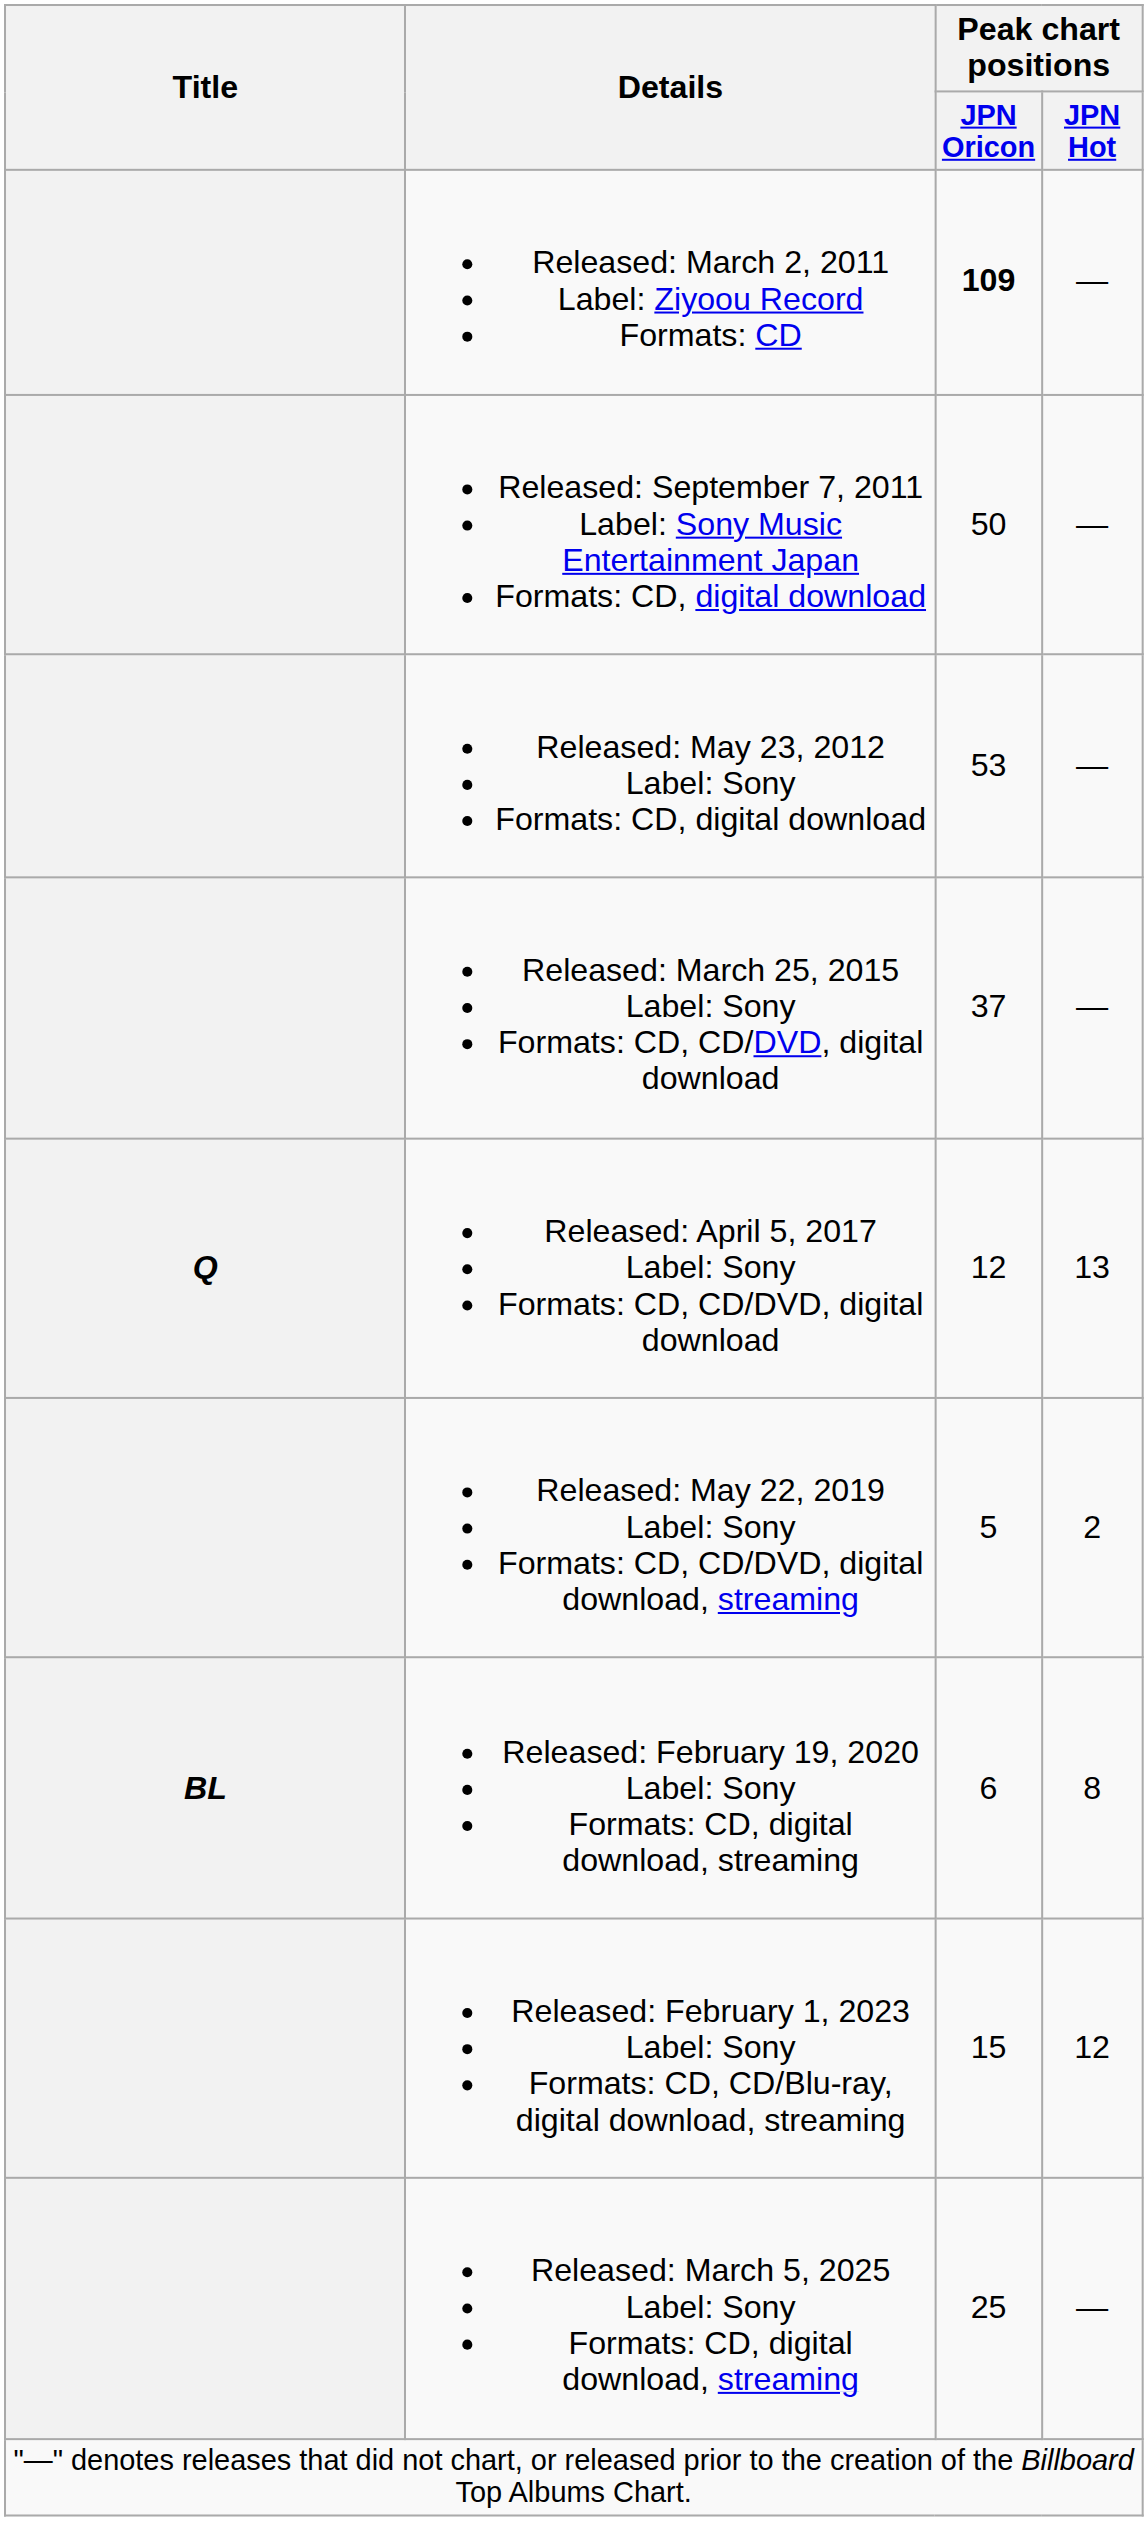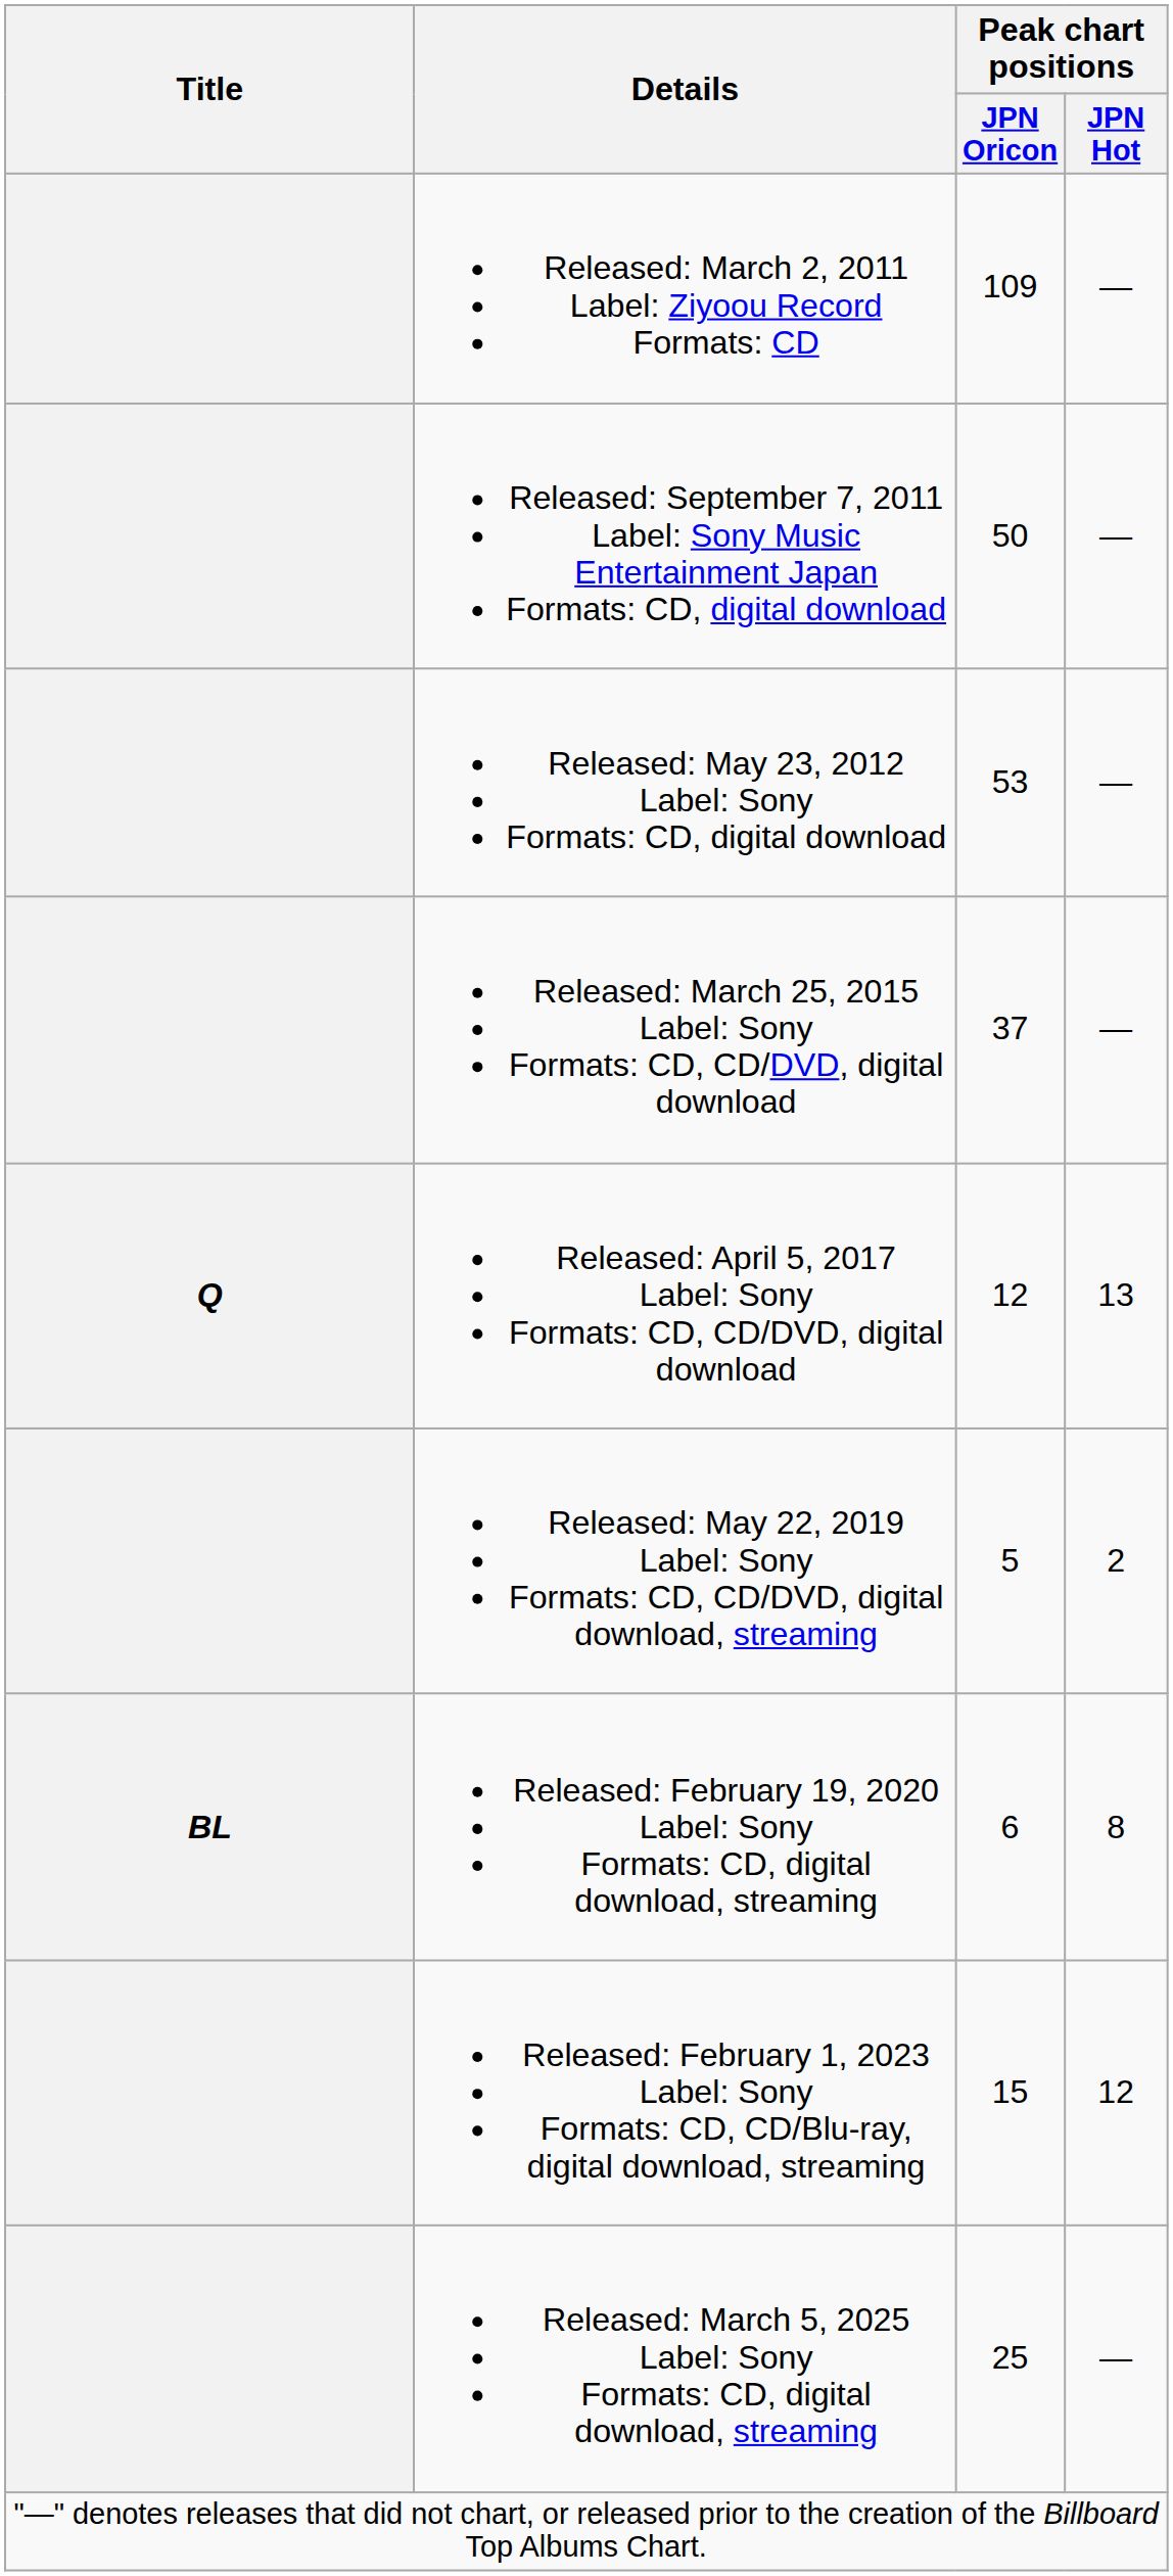 <table class="wikitable plainrowheaders" style="text-align:center;">
 <tr>
 <th scope="col" rowspan="2" style="width:12em;">Title</th>
 <th scope="col" rowspan="2" style="width:16em;">Details</th>
 <th scope="col" colspan="2">Peak chart positions</th>
 </tr>
 <tr>
 <th scope="col" style="width:3em;font-size:90%;"><a href='#'>JPN<br>Oricon</a><br></th>
 <th scope="col" style="width:3em;font-size:90%;"><a href='#'>JPN<br>Hot</a><br></th>
 </tr>
 <tr>
 <th scope="row"></th>
 <td><br><ul><li>Released: March 2, 2011 </li><li>Label: <a href='#'>Ziyoou Record</a></li><li>Formats: <a href='#'>CD</a></li></ul></td>
-<td><strong>109</strong></td>
+<td>109</td>
 <td>—</td>
 </tr>
 <tr>
 <th scope="row"></th>
 <td><br><ul><li>Released: September 7, 2011 </li><li>Label: <a href='#'>Sony Music Entertainment Japan</a></li><li>Formats: CD, <a href='#'>digital download</a></li></ul></td>
 <td>50</td>
 <td>—</td>
 </tr>
 <tr>
 <th scope="row"></th>
 <td><br><ul><li>Released: May 23, 2012 </li><li>Label: Sony</li><li>Formats: CD, digital download</li></ul></td>
 <td>53</td>
 <td>—</td>
 </tr>
 <tr>
 <th scope="row"></th>
 <td><br><ul><li>Released: March 25, 2015 </li><li>Label: Sony</li><li>Formats: CD, CD/<a href='#'>DVD</a>, digital download</li></ul></td>
 <td>37</td>
 <td>—</td>
 </tr>
 <tr>
 <th scope="row"><em>Q</em></th>
 <td><br><ul><li>Released: April 5, 2017 </li><li>Label: Sony</li><li>Formats: CD, CD/DVD, digital download</li></ul></td>
 <td>12</td>
 <td>13</td>
 </tr>
 <tr>
 <th scope="row"></th>
 <td><br><ul><li>Released: May 22, 2019 </li><li>Label: Sony</li><li>Formats: CD, CD/DVD, digital download, <a href='#'>streaming</a></li></ul></td>
 <td>5</td>
 <td>2</td>
 </tr>
 <tr>
 <th scope="row"><em>BL</em></th>
 <td><br><ul><li>Released: February 19, 2020 </li><li>Label: Sony</li><li>Formats: CD, digital download, streaming</li></ul></td>
 <td>6</td>
 <td>8</td>
 </tr>
 <tr>
 <th scope="row"></th>
 <td><br><ul><li>Released: February 1, 2023 </li><li>Label: Sony</li><li>Formats: CD, CD/Blu-ray, digital download, streaming</li></ul></td>
 <td>15</td>
 <td>12</td>
 </tr>
 <tr>
 <th scope="row"></th>
 <td><br><ul><li>Released: March 5, 2025</li><li>Label: Sony</li><li>Formats: CD, digital download, <a href='#'>streaming</a></li></ul></td>
 <td>25</td>
 <td>—</td>
 </tr>
 <tr>
 <td colspan="16" style="font-size:90%">"—" denotes releases that did not chart, or released prior to the creation of the <em>Billboard</em> Top Albums Chart.</td>
 </tr>
 </table>
